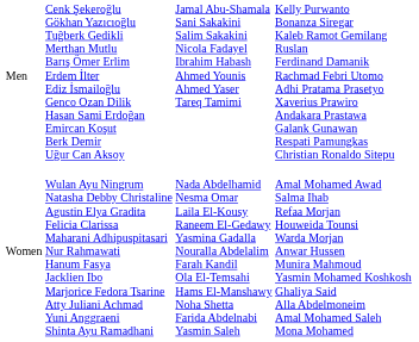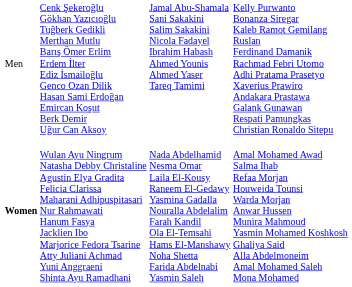 <table>
 <tr>
 <td>Men</td>
 <td><br><a href='#'>Cenk Şekeroğlu</a><br><a href='#'>Gökhan Yazıcıoğlu</a><br><a href='#'>Tuğberk Gedikli</a><br><a href='#'>Merthan Mutlu</a><br><a href='#'>Barış Ömer Erlim</a><br><a href='#'>Erdem İlter</a><br><a href='#'>Ediz İsmailoğlu</a><br><a href='#'>Genco Ozan Dilik</a><br><a href='#'>Hasan Sami Erdoğan</a><br><a href='#'>Emircan Koşut</a><br><a href='#'>Berk Demir</a><br><a href='#'>Uğur Can Aksoy</a></td>
 <td valign=top><br><a href='#'>Jamal Abu-Shamala</a><br><a href='#'>Sani Sakakini</a><br><a href='#'>Salim Sakakini</a><br><a href='#'>Nicola Fadayel</a><br><a href='#'>Ibrahim Habash</a><br><a href='#'>Ahmed Younis</a><br><a href='#'>Ahmed Yaser</a><br><a href='#'>Tareq Tamimi</a></td>
 <td><br><a href='#'>Kelly Purwanto</a><br><a href='#'>Bonanza Siregar</a><br><a href='#'>Kaleb Ramot Gemilang</a><br><a href='#'>Ruslan</a><br><a href='#'>Ferdinand Damanik</a><br><a href='#'>Rachmad Febri Utomo</a><br><a href='#'>Adhi Pratama Prasetyo</a><br><a href='#'>Xaverius Prawiro</a><br><a href='#'>Andakara Prastawa</a><br><a href='#'>Galank Gunawan</a><br><a href='#'>Respati Pamungkas</a><br><a href='#'>Christian Ronaldo Sitepu</a></td>
 </tr>
 <tr>
-<td>Women</td>
+<td><strong>Women</strong></td>
 <td><br><a href='#'>Wulan Ayu Ningrum</a><br><a href='#'>Natasha Debby Christaline</a><br><a href='#'>Agustin Elya Gradita</a><br><a href='#'>Felicia Clarissa</a><br><a href='#'>Maharani Adhipuspitasari</a><br><a href='#'>Nur Rahmawati</a><br><a href='#'>Hanum Fasya</a><br><a href='#'>Jacklien Ibo</a><br><a href='#'>Marjorice Fedora Tsarine</a><br><a href='#'>Atty Juliani Achmad</a><br><a href='#'>Yuni Anggraeni</a><br><a href='#'>Shinta Ayu Ramadhani</a></td>
 <td><br><a href='#'>Nada Abdelhamid</a><br><a href='#'>Nesma Omar</a><br><a href='#'>Laila El-Kousy</a><br><a href='#'>Raneem El-Gedawy</a><br><a href='#'>Yasmina Gadalla</a><br><a href='#'>Nouralla Abdelalim</a><br><a href='#'>Farah Kandil</a><br><a href='#'>Ola El-Temsahi</a><br><a href='#'>Hams El-Manshawy</a><br><a href='#'>Noha Shetta</a><br><a href='#'>Farida Abdelnabi</a><br><a href='#'>Yasmin Saleh</a></td>
 <td><br><a href='#'>Amal Mohamed Awad</a><br><a href='#'>Salma Ihab</a><br><a href='#'>Refaa Morjan</a><br><a href='#'>Houweida Tounsi</a><br><a href='#'>Warda Morjan</a><br><a href='#'>Anwar Hussen</a><br><a href='#'>Munira Mahmoud</a><br><a href='#'>Yasmin Mohamed Koshkosh</a><br><a href='#'>Ghaliya Said</a><br><a href='#'>Alla Abdelmoneim</a><br><a href='#'>Amal Mohamed Saleh</a><br><a href='#'>Mona Mohamed</a></td>
 </tr>
 </table>
